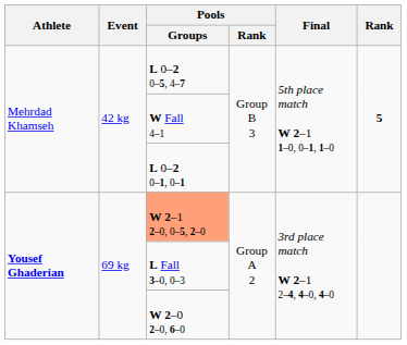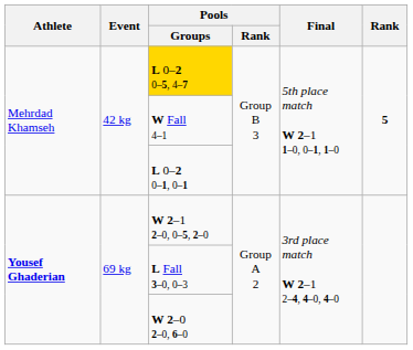 <table class="wikitable" width="75%" style="text-align:left; font-size:90%">
 <tr>
 <th rowspan="2" width="16%">Athlete</th>
 <th rowspan="2" width="6%">Event</th>
 <th colspan="2">Pools</th>
 <th rowspan="2" width="14%">Final</th>
 <th rowspan="2" width="5%">Rank</th>
 </tr>
 <tr>
 <th width="14%">Groups</th>
 <th width="5%">Rank</th>
 </tr>
 <tr>
 <td rowspan="3"><a href='#'>Mehrdad Khamseh</a></td>
 <td rowspan="3"><a href='#'>42 kg</a></td>
-<td><br><strong>L</strong> 0–<strong>2</strong><br><small>0–<strong>5</strong>, 4–<strong>7</strong></small></td>
+<td style="background: gold;"><br><strong>L</strong> 0–<strong>2</strong><br><small>0–<strong>5</strong>, 4–<strong>7</strong></small></td>
 <td rowspan="3" align=center>Group B<br>3</td>
 <td rowspan="3"><em>5th place match</em><br><br><strong>W</strong> <strong>2</strong>–1<br><small><strong>1</strong>–0, 0–<strong>1</strong>, <strong>1</strong>–0</small></td>
 <td rowspan="3" align="center"><strong>5</strong></td>
 </tr>
 <tr>
 <td><br><strong>W</strong> <a href='#'>Fall</a><br><small>4–1</small></td>
 </tr>
 <tr>
 <td><br><strong>L</strong> 0–<strong>2</strong><br><small>0–<strong>1</strong>, 0–<strong>1</strong></small></td>
 </tr>
 <tr>
 <td rowspan="3"><strong><a href='#'>Yousef Ghaderian</a></strong></td>
 <td rowspan="3"><a href='#'>69 kg</a></td>
-<td style="background: lightsalmon;"><br><strong>W</strong> <strong>2</strong>–1<br><small><strong>2</strong>–0, 0–<strong>5</strong>, <strong>2</strong>–0</small></td>
+<td><br><strong>W</strong> <strong>2</strong>–1<br><small><strong>2</strong>–0, 0–<strong>5</strong>, <strong>2</strong>–0</small></td>
 <td rowspan="3" align=center>Group A<br>2 <strong></strong></td>
 <td rowspan="3"><em>3rd place match</em><br><br><strong>W</strong> <strong>2</strong>–1<br><small>2–<strong>4</strong>, <strong>4</strong>–0, <strong>4</strong>–0</small></td>
 <td rowspan="3" align="center"></td>
 </tr>
 <tr>
 <td><br><strong>L</strong> <a href='#'>Fall</a><br><small><strong>3</strong>–0, 0–3</small></td>
 </tr>
 <tr>
 <td><br><strong>W</strong> <strong>2</strong>–0<br><small><strong>2</strong>–0, <strong>6</strong>–0</small></td>
 </tr>
 </table>
